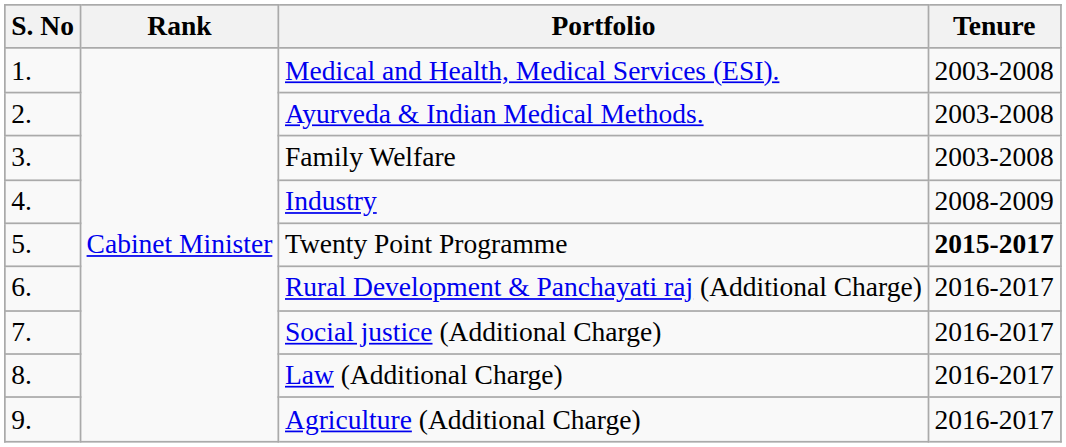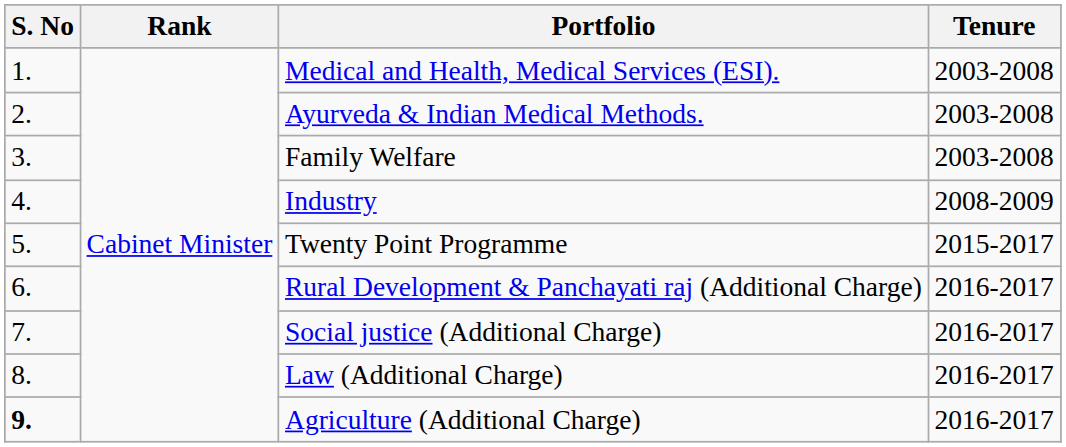 <table class="wikitable">
 <tr>
 <th>S. No</th>
 <th>Rank</th>
 <th>Portfolio</th>
 <th>Tenure</th>
 </tr>
 <tr>
 <td>1.</td>
 <td rowspan="9"><a href='#'>Cabinet Minister</a></td>
 <td><a href='#'>Medical and Health, Medical Services (ESI).</a></td>
 <td>2003-2008</td>
 </tr>
 <tr>
 <td>2.</td>
 <td><a href='#'>Ayurveda & Indian Medical Methods.</a></td>
 <td>2003-2008</td>
 </tr>
 <tr>
 <td>3.</td>
 <td>Family Welfare</td>
 <td>2003-2008</td>
 </tr>
 <tr>
 <td>4.</td>
 <td><a href='#'>Industry</a></td>
 <td>2008-2009</td>
 </tr>
 <tr>
 <td>5.</td>
 <td>Twenty Point Programme</td>
-<td><strong>2015-2017</strong></td>
+<td>2015-2017</td>
 </tr>
 <tr>
 <td>6.</td>
 <td><a href='#'>Rural Development & Panchayati raj</a> (Additional Charge)</td>
 <td>2016-2017</td>
 </tr>
 <tr>
 <td>7.</td>
 <td><a href='#'>Social justice</a> (Additional Charge)</td>
 <td>2016-2017</td>
 </tr>
 <tr>
 <td>8.</td>
 <td><a href='#'>Law</a> (Additional Charge)</td>
 <td>2016-2017</td>
 </tr>
 <tr>
-<td>9.</td>
+<td><strong>9.</strong></td>
 <td><a href='#'>Agriculture</a> (Additional Charge)</td>
 <td>2016-2017</td>
 </tr>
 </table>
